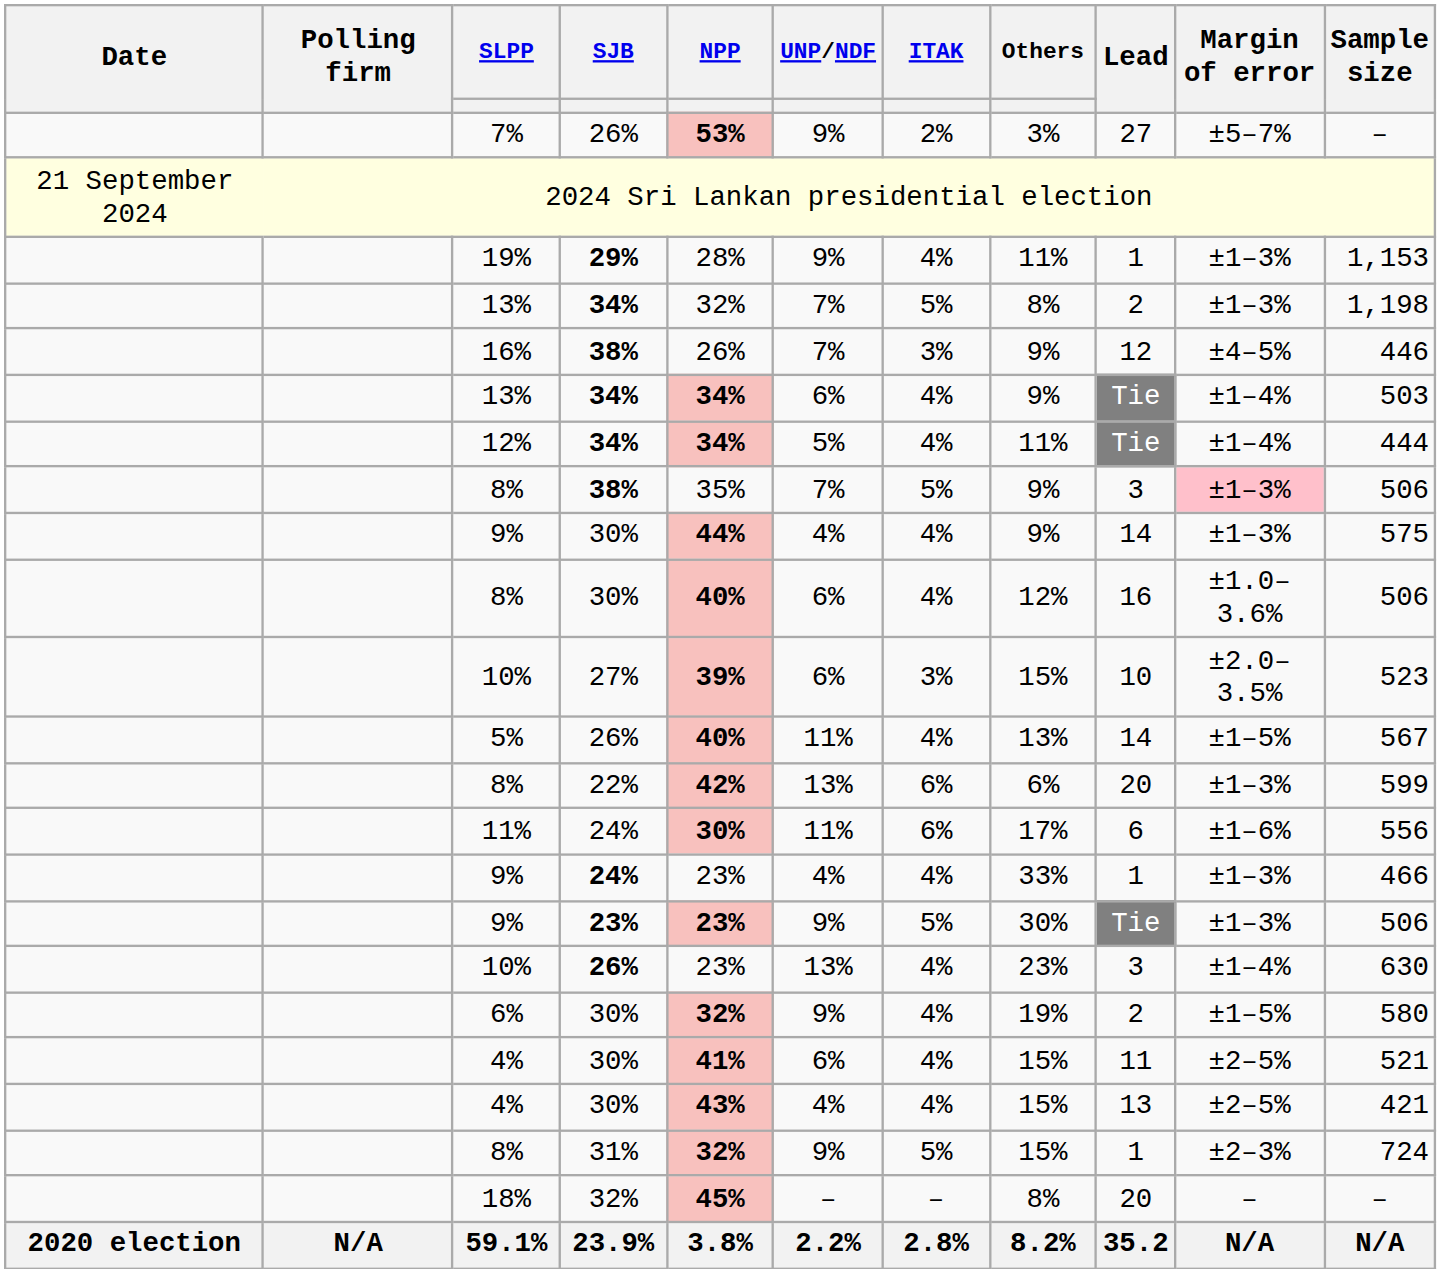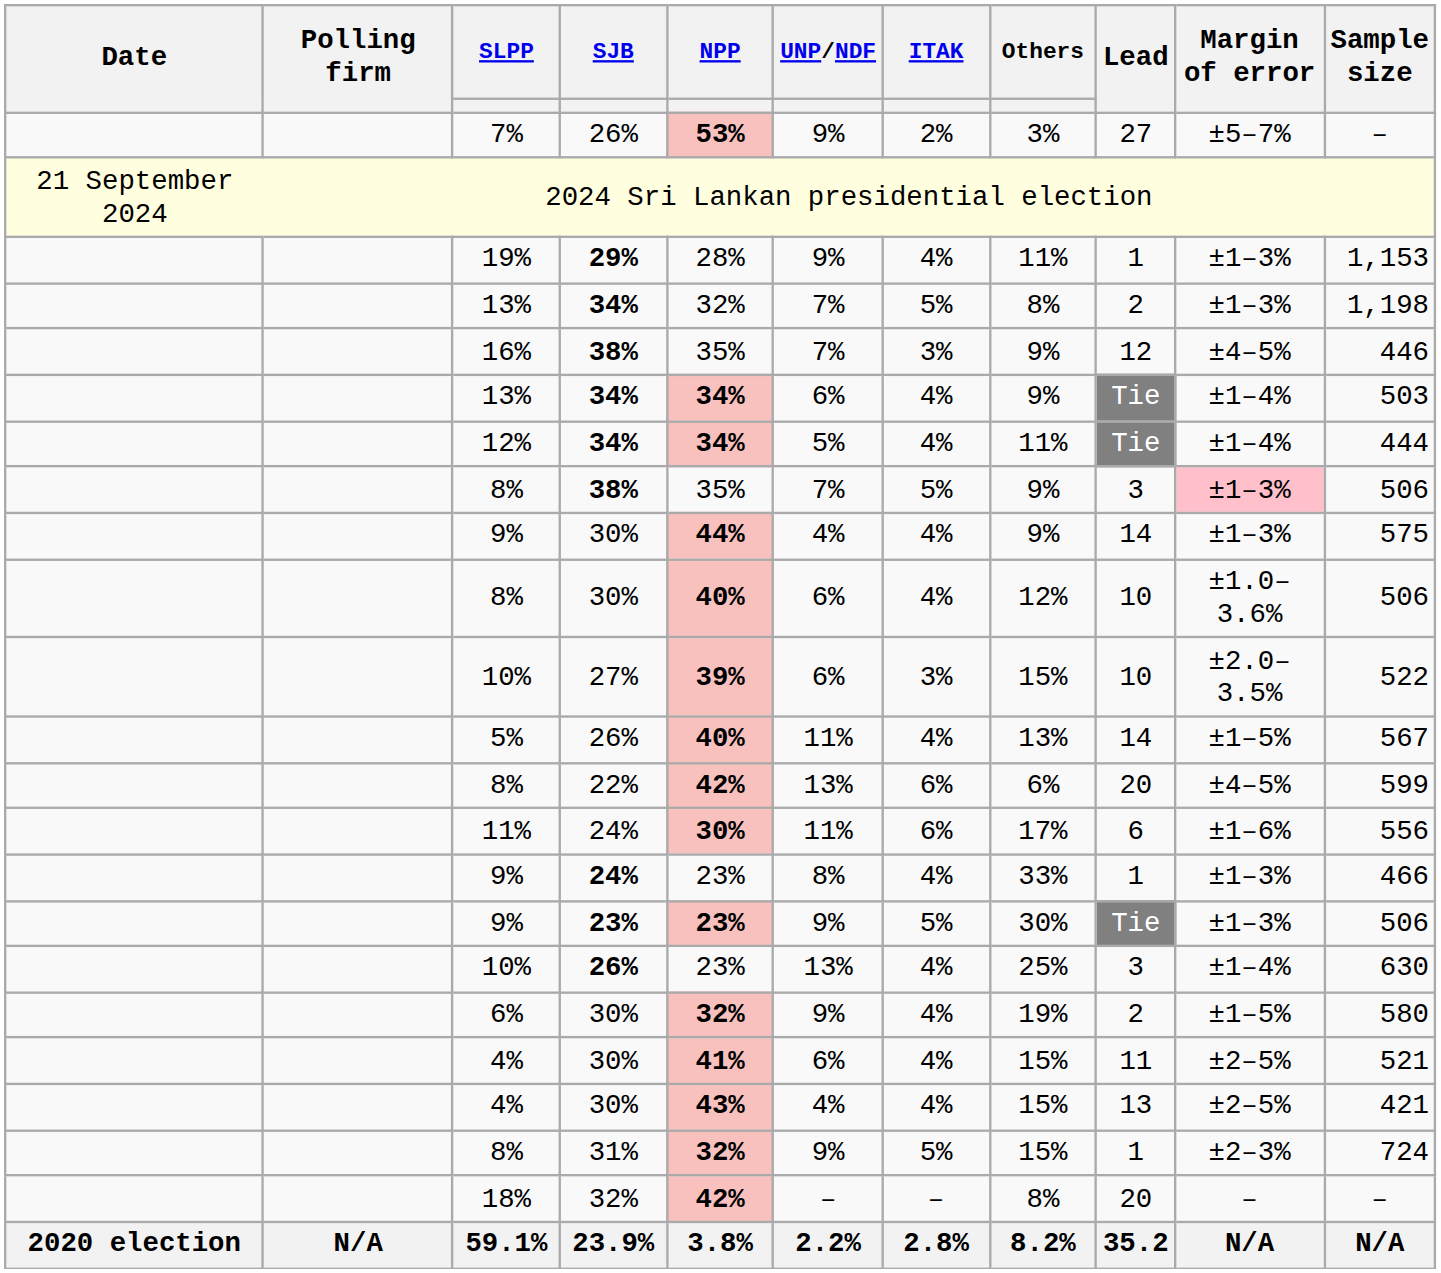 <table class="wikitable sortable mw-datatable" style="text-align:center;font-size:90%;line-height:14px">
 <tr style="height:40px;">
 <th rowspan=2>Date</th>
 <th rowspan=2>Polling firm</th>
 <th class="unsortable" style="width:40px;"><small><a href='#'>SLPP</a></small></th>
 <th class="unsortable" style="width:40px;"><small><a href='#'>SJB</a></small></th>
 <th class="unsortable" style="width:40px;"><small><a href='#'>NPP</a></small></th>
 <th class="unsortable" style="width:40px;"><small><a href='#'>UNP</a>/<a href='#'>NDF</a></small></th>
 <th class="unsortable" style="width:40px;"><small><a href='#'>ITAK</a></small></th>
 <th class="unsortable" style="width:40px;"><small>Others</small></th>
 <th rowspan="2" data-sort-type="number">Lead</th>
 <th rowspan="2" class="unsortable">Margin<br>of error</th>
 <th rowspan="2" class="unsortable">Sample<br>size</th>
 </tr>
 <tr>
 <th style="background:"></th>
 <th style="background:"></th>
 <th style="background:"></th>
 <th style="background:"></th>
 <th style="background:"></th>
 <th style="background:"></th>
 </tr>
 <tr>
 <td></td>
 <td></td>
 <td>7%</td>
 <td>26%</td>
 <td style="background:rgb(248, 193, 190)"><strong>53%</strong></td>
 <td>9%</td>
 <td>2%</td>
 <td>3%</td>
 <td style="background:">27</td>
 <td>±5–7%</td>
 <td>–</td>
 </tr>
 <tr style="background:lightyellow;">
 <td style="border-right-style:hidden; background:lightyellow;" data-sort-value="2024-09-21">21 September 2024</td>
 <td colspan="10" style="background:lightyellow;">2024 Sri Lankan presidential election</td>
 </tr>
 <tr>
 <td></td>
 <td></td>
 <td>19%</td>
 <td><strong>29%</strong></td>
 <td>28%</td>
 <td>9%</td>
 <td>4%</td>
 <td>11%</td>
 <td style="background:">1</td>
 <td>±1–3%</td>
 <td style="text-align:right;">1,153</td>
 </tr>
 <tr>
 <td></td>
 <td></td>
 <td>13%</td>
 <td><strong>34%</strong></td>
 <td>32%</td>
 <td>7%</td>
 <td>5%</td>
 <td>8%</td>
 <td style="background:">2</td>
 <td>±1–3%</td>
 <td style="text-align:right;">1,198</td>
 </tr>
 <tr>
 <td></td>
 <td></td>
 <td>16%</td>
 <td><strong>38%</strong></td>
-<td>26%</td>
+<td>35%</td>
 <td>7%</td>
 <td>3%</td>
 <td>9%</td>
 <td style="background:">12</td>
 <td>±4–5%</td>
 <td style="text-align:right;">446</td>
 </tr>
 <tr>
 <td></td>
 <td></td>
 <td>13%</td>
 <td><strong>34%</strong></td>
 <td style="background:rgb(248, 193, 190)"><strong>34%</strong></td>
 <td>6%</td>
 <td>4%</td>
 <td>9%</td>
 <td style="background:grey;color:#FFFFFF;" data-sort-value="0">Tie</td>
 <td>±1–4%</td>
 <td style="text-align:right;">503</td>
 </tr>
 <tr>
 <td></td>
 <td></td>
 <td>12%</td>
 <td><strong>34%</strong></td>
 <td style="background:rgb(248, 193, 190)"><strong>34%</strong></td>
 <td>5%</td>
 <td>4%</td>
 <td>11%</td>
 <td style="background:grey;color:#FFFFFF;" data-sort-value="0">Tie</td>
 <td>±1–4%</td>
 <td style="text-align:right;">444</td>
 </tr>
 <tr>
 <td></td>
 <td></td>
 <td>8%</td>
 <td><strong>38%</strong></td>
 <td>35%</td>
 <td>7%</td>
 <td>5%</td>
 <td>9%</td>
 <td style="background:">3</td>
 <td style="background: pink;">±1–3%</td>
 <td style="text-align:right;">506</td>
 </tr>
 <tr>
 <td></td>
 <td></td>
 <td>9%</td>
 <td>30%</td>
 <td style="background:rgb(248, 193, 190)"><strong>44%</strong></td>
 <td>4%</td>
 <td>4%</td>
 <td>9%</td>
 <td style="background:">14</td>
 <td>±1–3%</td>
 <td style="text-align:right;">575</td>
 </tr>
 <tr>
 <td></td>
 <td></td>
 <td>8%</td>
 <td>30%</td>
 <td style="background:rgb(248, 193, 190)"><strong>40%</strong></td>
 <td>6%</td>
 <td>4%</td>
 <td>12%</td>
-<td style="background:">16</td>
+<td style="background:">10</td>
 <td>±1.0–3.6%</td>
 <td style="text-align:right;">506</td>
 </tr>
 <tr>
 <td></td>
 <td></td>
 <td>10%</td>
 <td>27%</td>
 <td style="background:rgb(248, 193, 190)"><strong>39%</strong></td>
 <td>6%</td>
 <td>3%</td>
 <td>15%</td>
 <td style="background:">10</td>
 <td>±2.0–3.5%</td>
-<td style="text-align:right;">523</td>
+<td style="text-align:right;">522</td>
 </tr>
 <tr>
 <td></td>
 <td></td>
 <td>5%</td>
 <td>26%</td>
 <td style="background:rgb(248, 193, 190)"><strong>40%</strong></td>
 <td>11%</td>
 <td>4%</td>
 <td>13%</td>
 <td style="background:">14</td>
 <td>±1–5%</td>
 <td style="text-align:right;">567</td>
 </tr>
 <tr>
 <td></td>
 <td></td>
 <td>8%</td>
 <td>22%</td>
 <td style="background:rgb(248, 193, 190)"><strong>42%</strong></td>
 <td>13%</td>
 <td>6%</td>
 <td>6%</td>
 <td style="background:">20</td>
-<td>±1–3%</td>
+<td>±4–5%</td>
 <td style="text-align:right;">599</td>
 </tr>
 <tr>
 <td></td>
 <td></td>
 <td>11%</td>
 <td>24%</td>
 <td style="background:rgb(248, 193, 190)"><strong>30%</strong></td>
 <td>11%</td>
 <td>6%</td>
 <td>17%</td>
 <td style="background:">6</td>
 <td>±1–6%</td>
 <td style="text-align:right;">556</td>
 </tr>
 <tr>
 <td></td>
 <td></td>
 <td>9%</td>
 <td><strong>24%</strong></td>
 <td>23%</td>
-<td>4%</td>
+<td>8%</td>
 <td>4%</td>
 <td>33%</td>
 <td style="background:">1</td>
 <td>±1–3%</td>
 <td style="text-align:right;">466</td>
 </tr>
 <tr>
 <td></td>
 <td></td>
 <td>9%</td>
 <td><strong>23%</strong></td>
 <td style="background:rgb(248, 193, 190)"><strong>23%</strong></td>
 <td>9%</td>
 <td>5%</td>
 <td>30%</td>
 <td style="background:grey;color:#FFFFFF;" data-sort-value="0">Tie</td>
 <td>±1–3%</td>
 <td style="text-align:right;">506</td>
 </tr>
 <tr>
 <td></td>
 <td></td>
 <td>10%</td>
 <td><strong>26%</strong></td>
 <td>23%</td>
 <td>13%</td>
 <td>4%</td>
-<td>23%</td>
+<td>25%</td>
 <td style="background:">3</td>
 <td>±1–4%</td>
 <td style="text-align:right;">630</td>
 </tr>
 <tr>
 <td></td>
 <td></td>
 <td>6%</td>
 <td>30%</td>
 <td style="background:rgb(248, 193, 190)"><strong>32%</strong></td>
 <td>9%</td>
 <td>4%</td>
 <td>19%</td>
 <td style="background:">2</td>
 <td>±1–5%</td>
 <td style="text-align:right;">580</td>
 </tr>
 <tr>
 <td></td>
 <td></td>
 <td>4%</td>
 <td>30%</td>
 <td style="background:rgb(248, 193, 190)"><strong>41%</strong></td>
 <td>6%</td>
 <td>4%</td>
 <td>15%</td>
 <td style="background:">11</td>
 <td>±2–5%</td>
 <td style="text-align:right;">521</td>
 </tr>
 <tr>
 <td></td>
 <td></td>
 <td>4%</td>
 <td>30%</td>
 <td style="background:rgb(248, 193, 190)"><strong>43%</strong></td>
 <td>4%</td>
 <td>4%</td>
 <td>15%</td>
 <td style="background:">13</td>
 <td>±2–5%</td>
 <td style="text-align:right;">421</td>
 </tr>
 <tr>
 <td></td>
 <td></td>
 <td>8%</td>
 <td>31%</td>
 <td style="background:rgb(248, 193, 190)"><strong>32%</strong></td>
 <td>9%</td>
 <td>5%</td>
 <td>15%</td>
 <td style="background:">1</td>
 <td>±2–3%</td>
 <td style="text-align:right;">724</td>
 </tr>
 <tr>
 <td></td>
 <td></td>
 <td>18%</td>
 <td>32%</td>
-<td style="background:rgb(248, 193, 190)"><strong>45%</strong></td>
+<td style="background:rgb(248, 193, 190)"><strong>42%</strong></td>
 <td>–</td>
 <td>–</td>
 <td>8%</td>
 <td style="background:">20</td>
 <td>–</td>
 <td>–</td>
 </tr>
 <tr>
 <th>2020 election</th>
 <th>N/A</th>
 <th>59.1%</th>
 <th>23.9%</th>
 <th>3.8%</th>
 <th>2.2%</th>
 <th>2.8%</th>
 <th>8.2%</th>
 <th style="background:">35.2</th>
 <th>N/A</th>
 <th>N/A</th>
 </tr>
 </table>
